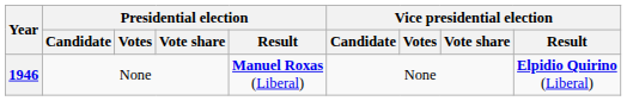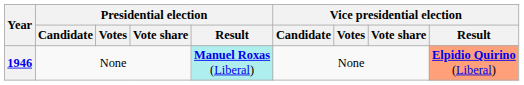 <table class="wikitable" style="text-align:center; font-size:90%">
 <tr>
 <th rowspan="2">Year</th>
 <th colspan="4">Presidential election</th>
 <th colspan="4">Vice presidential election</th>
 </tr>
 <tr>
 <th>Candidate</th>
 <th>Votes</th>
 <th>Vote share</th>
 <th>Result</th>
 <th>Candidate</th>
 <th>Votes</th>
 <th>Vote share</th>
 <th>Result</th>
 </tr>
 <tr>
 <th><a href='#'>1946</a></th>
 <td colspan="3">None</td>
-<td><strong><a href='#'>Manuel Roxas</a></strong><br>(<a href='#'>Liberal</a>)</td>
+<td style="background: paleturquoise;"><strong><a href='#'>Manuel Roxas</a></strong><br>(<a href='#'>Liberal</a>)</td>
 <td colspan="3">None</td>
-<td><strong><a href='#'>Elpidio Quirino</a></strong><br>(<a href='#'>Liberal</a>)</td>
+<td style="background: lightsalmon;"><strong><a href='#'>Elpidio Quirino</a></strong><br>(<a href='#'>Liberal</a>)</td>
 </tr>
 </table>
